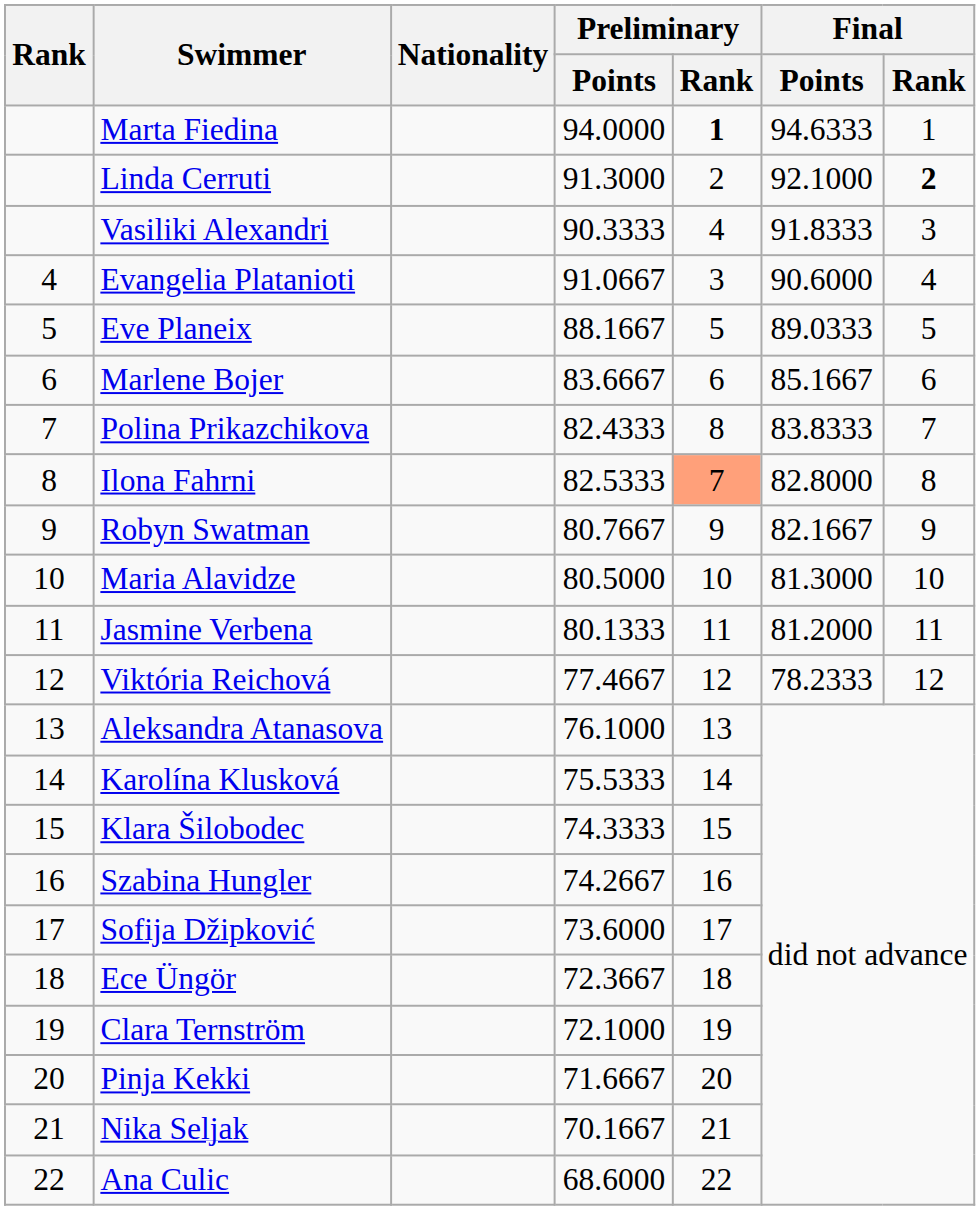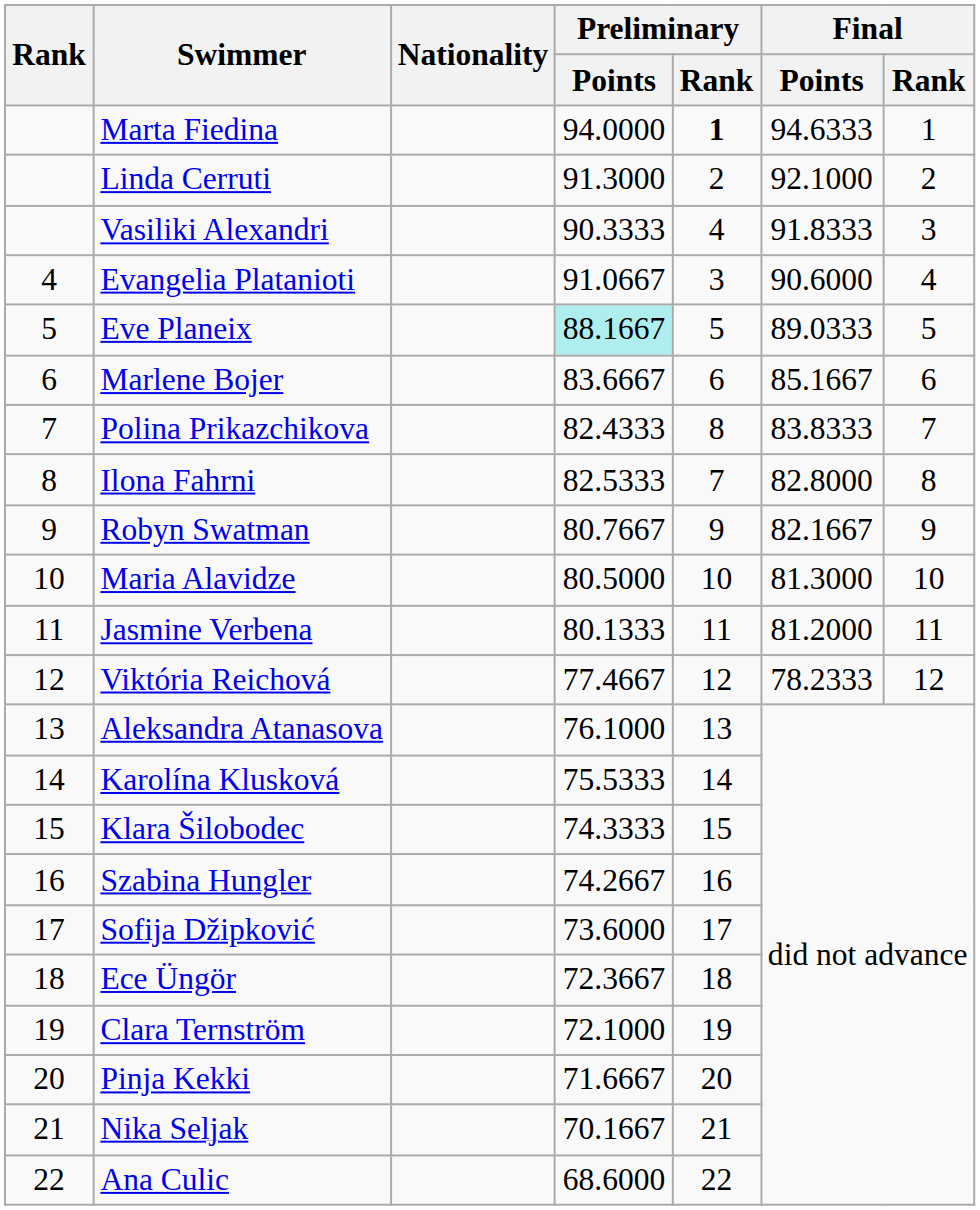 <table class="wikitable sortable" style="text-align:center">
 <tr>
 <th rowspan=2>Rank</th>
 <th rowspan=2>Swimmer</th>
 <th rowspan=2>Nationality</th>
 <th colspan=2>Preliminary</th>
 <th colspan=2>Final</th>
 </tr>
 <tr>
 <th>Points</th>
 <th>Rank</th>
 <th>Points</th>
 <th>Rank</th>
 </tr>
 <tr>
 <td></td>
 <td align=left><a href='#'>Marta Fiedina</a></td>
 <td align=left></td>
 <td>94.0000</td>
 <td><strong>1</strong></td>
 <td>94.6333</td>
 <td>1</td>
 </tr>
 <tr>
 <td></td>
 <td align=left><a href='#'>Linda Cerruti</a></td>
 <td align=left></td>
 <td>91.3000</td>
 <td>2</td>
 <td>92.1000</td>
-<td><strong>2</strong></td>
+<td>2</td>
 </tr>
 <tr>
 <td></td>
 <td align=left><a href='#'>Vasiliki Alexandri</a></td>
 <td align=left></td>
 <td>90.3333</td>
 <td>4</td>
 <td>91.8333</td>
 <td>3</td>
 </tr>
 <tr>
 <td>4</td>
 <td align=left><a href='#'>Evangelia Platanioti</a></td>
 <td align=left></td>
 <td>91.0667</td>
 <td>3</td>
 <td>90.6000</td>
 <td>4</td>
 </tr>
 <tr>
 <td>5</td>
 <td align=left><a href='#'>Eve Planeix</a></td>
 <td align=left></td>
-<td>88.1667</td>
+<td style="background: paleturquoise;">88.1667</td>
 <td>5</td>
 <td>89.0333</td>
 <td>5</td>
 </tr>
 <tr>
 <td>6</td>
 <td align=left><a href='#'>Marlene Bojer</a></td>
 <td align=left></td>
 <td>83.6667</td>
 <td>6</td>
 <td>85.1667</td>
 <td>6</td>
 </tr>
 <tr>
 <td>7</td>
 <td align=left><a href='#'>Polina Prikazchikova</a></td>
 <td align=left></td>
 <td>82.4333</td>
 <td>8</td>
 <td>83.8333</td>
 <td>7</td>
 </tr>
 <tr>
 <td>8</td>
 <td align=left><a href='#'>Ilona Fahrni</a></td>
 <td align=left></td>
 <td>82.5333</td>
-<td style="background: lightsalmon;">7</td>
+<td>7</td>
 <td>82.8000</td>
 <td>8</td>
 </tr>
 <tr>
 <td>9</td>
 <td align=left><a href='#'>Robyn Swatman</a></td>
 <td align=left></td>
 <td>80.7667</td>
 <td>9</td>
 <td>82.1667</td>
 <td>9</td>
 </tr>
 <tr>
 <td>10</td>
 <td align=left><a href='#'>Maria Alavidze</a></td>
 <td align=left></td>
 <td>80.5000</td>
 <td>10</td>
 <td>81.3000</td>
 <td>10</td>
 </tr>
 <tr>
 <td>11</td>
 <td align=left><a href='#'>Jasmine Verbena</a></td>
 <td align=left></td>
 <td>80.1333</td>
 <td>11</td>
 <td>81.2000</td>
 <td>11</td>
 </tr>
 <tr>
 <td>12</td>
 <td align=left><a href='#'>Viktória Reichová</a></td>
 <td align=left></td>
 <td>77.4667</td>
 <td>12</td>
 <td>78.2333</td>
 <td>12</td>
 </tr>
 <tr>
 <td>13</td>
 <td align=left><a href='#'>Aleksandra Atanasova</a></td>
 <td align=left></td>
 <td>76.1000</td>
 <td>13</td>
 <td colspan=2 rowspan=10>did not advance</td>
 </tr>
 <tr>
 <td>14</td>
 <td align=left><a href='#'>Karolína Klusková</a></td>
 <td align=left></td>
 <td>75.5333</td>
 <td>14</td>
 </tr>
 <tr>
 <td>15</td>
 <td align=left><a href='#'>Klara Šilobodec</a></td>
 <td align=left></td>
 <td>74.3333</td>
 <td>15</td>
 </tr>
 <tr>
 <td>16</td>
 <td align=left><a href='#'>Szabina Hungler</a></td>
 <td align=left></td>
 <td>74.2667</td>
 <td>16</td>
 </tr>
 <tr>
 <td>17</td>
 <td align=left><a href='#'>Sofija Džipković</a></td>
 <td align=left></td>
 <td>73.6000</td>
 <td>17</td>
 </tr>
 <tr>
 <td>18</td>
 <td align=left><a href='#'>Ece Üngör</a></td>
 <td align=left></td>
 <td>72.3667</td>
 <td>18</td>
 </tr>
 <tr>
 <td>19</td>
 <td align=left><a href='#'>Clara Ternström</a></td>
 <td align=left></td>
 <td>72.1000</td>
 <td>19</td>
 </tr>
 <tr>
 <td>20</td>
 <td align=left><a href='#'>Pinja Kekki</a></td>
 <td align=left></td>
 <td>71.6667</td>
 <td>20</td>
 </tr>
 <tr>
 <td>21</td>
 <td align=left><a href='#'>Nika Seljak</a></td>
 <td align=left></td>
 <td>70.1667</td>
 <td>21</td>
 </tr>
 <tr>
 <td>22</td>
 <td align=left><a href='#'>Ana Culic</a></td>
 <td align=left></td>
 <td>68.6000</td>
 <td>22</td>
 </tr>
 </table>
